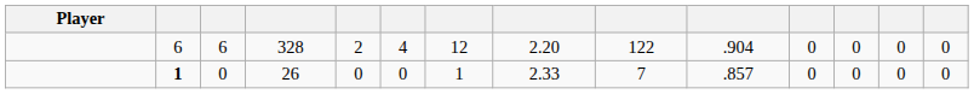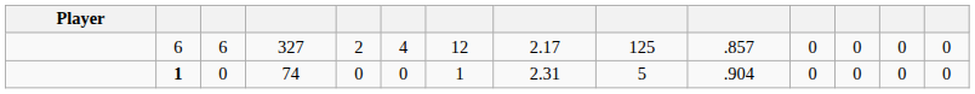 <table class="wikitable sortable" style="width:100%;">
 <tr style="text-align:center; background:#ddd;">
 <th>Player</th>
 <th></th>
 <th></th>
 <th></th>
 <th></th>
 <th></th>
 <th></th>
 <th></th>
 <th></th>
 <th></th>
 <th></th>
 <th></th>
 <th></th>
 <th></th>
 </tr>
 <tr align=center>
 <td style=white-space:nowrap></td>
 <td>6</td>
 <td>6</td>
-<td>328</td>
+<td>327</td>
 <td>2</td>
 <td>4</td>
 <td>12</td>
-<td>2.20</td>
-<td>122</td>
-<td>.904</td>
+<td>2.17</td>
+<td>125</td>
+<td>.857</td>
 <td>0</td>
 <td>0</td>
 <td>0</td>
 <td>0</td>
 </tr>
 <tr align=center>
 <td style=white-space:nowrap></td>
 <td><strong>1</strong></td>
 <td>0</td>
-<td>26</td>
+<td>74</td>
 <td>0</td>
 <td>0</td>
 <td>1</td>
-<td>2.33</td>
-<td>7</td>
-<td>.857</td>
+<td>2.31</td>
+<td>5</td>
+<td>.904</td>
 <td>0</td>
 <td>0</td>
 <td>0</td>
 <td>0</td>
 </tr>
 </table>
